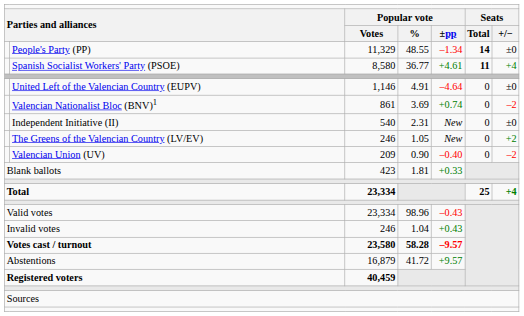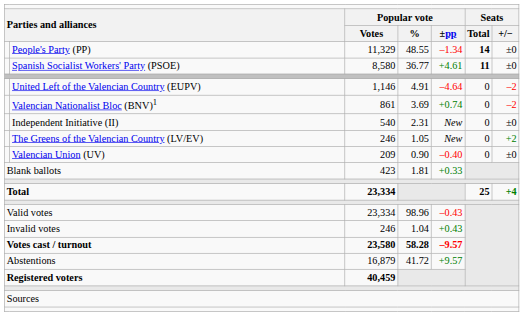 <table class="wikitable" style="text-align:right;">
 <tr>
 <td colspan="7"></td>
 </tr>
 <tr>
 <th style="text-align:left;" rowspan="2" colspan="2" width="525">Parties and alliances</th>
 <th colspan="3">Popular vote</th>
 <th colspan="2">Seats</th>
 </tr>
 <tr>
 <th width="75">Votes</th>
 <th width="45">%</th>
 <th width="45">±<a href='#'>pp</a></th>
 <th width="35">Total</th>
 <th width="35">+/−</th>
 </tr>
 <tr>
 <td width="1" style="color:inherit;background:"></td>
 <td align="left"><a href='#'>People's Party</a> (PP)</td>
 <td>11,329</td>
 <td>48.55</td>
 <td style="color:red;">–1.34</td>
 <td><strong>14</strong></td>
 <td>±0</td>
 </tr>
 <tr>
 <td style="color:inherit;background:"></td>
 <td align="left"><a href='#'>Spanish Socialist Workers' Party</a> (PSOE)</td>
 <td>8,580</td>
 <td>36.77</td>
 <td style="color:green;">+4.61</td>
 <td><strong>11</strong></td>
-<td style="color:green;">+4</td>
+<td>±0</td>
 </tr>
 <tr>
 <td colspan="7" bgcolor="#C0C0C0"></td>
 </tr>
 <tr>
 <td style="color:inherit;background:"></td>
 <td align="left"><a href='#'>United Left of the Valencian Country</a> (EUPV)</td>
 <td>1,146</td>
 <td>4.91</td>
 <td style="color:red;">–4.64</td>
 <td>0</td>
-<td>±0</td>
+<td style="color:red;">–2</td>
 </tr>
 <tr>
 <td style="color:inherit;background:"></td>
 <td align="left"><a href='#'>Valencian Nationalist Bloc</a> (BNV)<sup>1</sup></td>
 <td>861</td>
 <td>3.69</td>
 <td style="color:green;">+0.74</td>
 <td>0</td>
 <td style="color:red;">–2</td>
 </tr>
 <tr>
 <td style="color:inherit;background:"></td>
 <td align="left">Independent Initiative (II)</td>
 <td>540</td>
 <td>2.31</td>
 <td><em>New</em></td>
 <td>0</td>
 <td>±0</td>
 </tr>
 <tr>
 <td style="color:inherit;background:"></td>
 <td align="left"><a href='#'>The Greens of the Valencian Country</a> (LV/EV)</td>
 <td>246</td>
 <td>1.05</td>
 <td><em>New</em></td>
 <td>0</td>
 <td style="color:green;">+2</td>
 </tr>
 <tr>
 <td style="color:inherit;background:"></td>
 <td align="left"><a href='#'>Valencian Union</a> (UV)</td>
 <td>209</td>
 <td>0.90</td>
 <td style="color:red;">–0.40</td>
 <td>0</td>
-<td style="color:red;">–2</td>
+<td>±0</td>
 </tr>
 <tr>
 <td align="left" colspan="2">Blank ballots</td>
 <td>423</td>
 <td>1.81</td>
 <td style="color:green;">+0.33</td>
 <td bgcolor="#E9E9E9" colspan="2"></td>
 </tr>
 <tr>
 <td colspan="7" bgcolor="#E9E9E9"></td>
 </tr>
 <tr style="font-weight:bold;">
 <td align="left" colspan="2">Total</td>
 <td>23,334</td>
 <td bgcolor="#E9E9E9" colspan="2"></td>
 <td>25</td>
 <td style="color:green;">+4</td>
 </tr>
 <tr>
 <td colspan="7" bgcolor="#E9E9E9"></td>
 </tr>
 <tr>
 <td align="left" colspan="2">Valid votes</td>
 <td>23,334</td>
 <td>98.96</td>
 <td style="color:red;">–0.43</td>
 <td bgcolor="#E9E9E9" colspan="2" rowspan="5"></td>
 </tr>
 <tr>
 <td align="left" colspan="2">Invalid votes</td>
 <td>246</td>
 <td>1.04</td>
 <td style="color:green;">+0.43</td>
 </tr>
 <tr style="font-weight:bold;">
 <td align="left" colspan="2">Votes cast / turnout</td>
 <td>23,580</td>
 <td>58.28</td>
 <td style="color:red;">–9.57</td>
 </tr>
 <tr>
 <td align="left" colspan="2">Abstentions</td>
 <td>16,879</td>
 <td>41.72</td>
 <td style="color:green;">+9.57</td>
 </tr>
 <tr style="font-weight:bold;">
 <td align="left" colspan="2">Registered voters</td>
 <td>40,459</td>
 <td bgcolor="#E9E9E9" colspan="2"></td>
 </tr>
 <tr>
 <td colspan="7" bgcolor="#E9E9E9"></td>
 </tr>
 <tr>
 <td align="left" colspan="7">Sources</td>
 </tr>
 <tr>
 <td colspan="7" style="text-align:left; max-width:790px;"></td>
 </tr>
 </table>
